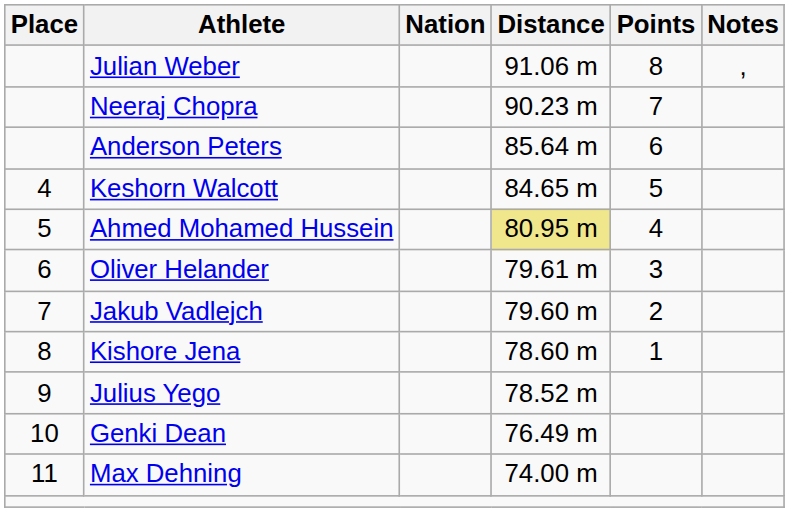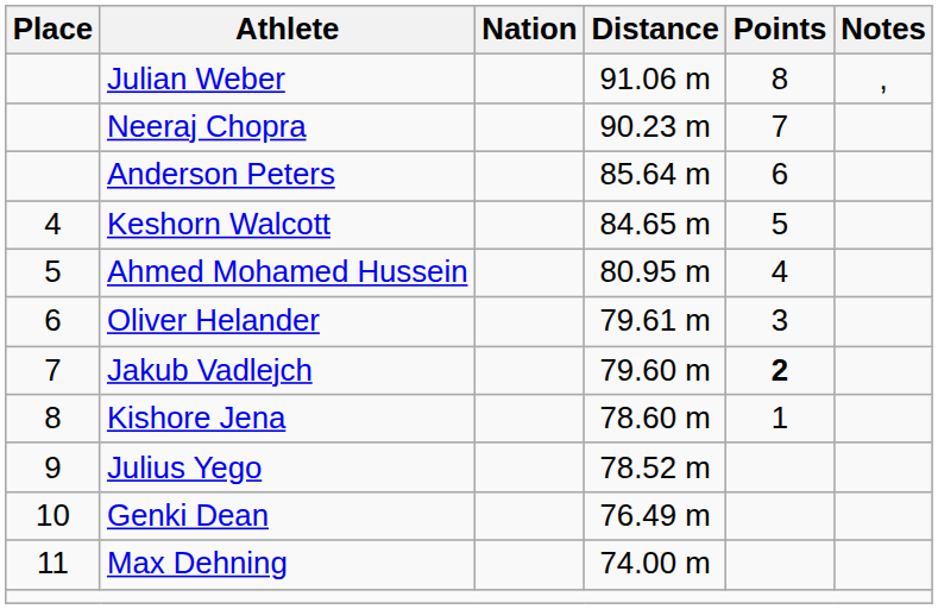 <table class="wikitable mw-datatable sortable" style="text-align:center;">
 <tr>
 <th scope="col">Place</th>
 <th scope="col">Athlete</th>
 <th scope="col">Nation</th>
 <th scope="col">Distance</th>
 <th scope="col">Points</th>
 <th scope="col">Notes</th>
 </tr>
 <tr>
 <td></td>
 <td align="left"><a href='#'>Julian Weber</a></td>
 <td align="left"></td>
 <td>91.06 m</td>
 <td>8</td>
 <td>, </td>
 </tr>
 <tr>
 <td></td>
 <td align="left"><a href='#'>Neeraj Chopra</a></td>
 <td align="left"></td>
 <td>90.23 m</td>
 <td>7</td>
 <td></td>
 </tr>
 <tr>
 <td></td>
 <td align="left"><a href='#'>Anderson Peters</a></td>
 <td align="left"></td>
 <td>85.64 m</td>
 <td>6</td>
 <td></td>
 </tr>
 <tr>
 <td>4</td>
 <td align="left"><a href='#'>Keshorn Walcott</a></td>
 <td align="left"></td>
 <td>84.65 m</td>
 <td>5</td>
 <td></td>
 </tr>
 <tr>
 <td>5</td>
 <td align="left"><a href='#'>Ahmed Mohamed Hussein</a></td>
 <td align="left"></td>
-<td style="background: khaki;">80.95 m</td>
+<td>80.95 m</td>
 <td>4</td>
 <td></td>
 </tr>
 <tr>
 <td>6</td>
 <td align="left"><a href='#'>Oliver Helander</a></td>
 <td align="left"></td>
 <td>79.61 m</td>
 <td>3</td>
 <td></td>
 </tr>
 <tr>
 <td>7</td>
 <td align="left"><a href='#'>Jakub Vadlejch</a></td>
 <td align="left"></td>
 <td>79.60 m</td>
-<td>2</td>
+<td><strong>2</strong></td>
 <td></td>
 </tr>
 <tr>
 <td>8</td>
 <td align="left"><a href='#'>Kishore Jena</a></td>
 <td align="left"></td>
 <td>78.60 m</td>
 <td>1</td>
 <td></td>
 </tr>
 <tr>
 <td>9</td>
 <td align="left"><a href='#'>Julius Yego</a></td>
 <td align="left"></td>
 <td>78.52 m</td>
 <td></td>
 <td></td>
 </tr>
 <tr>
 <td>10</td>
 <td align="left"><a href='#'>Genki Dean</a></td>
 <td align="left"></td>
 <td>76.49 m</td>
 <td></td>
 <td></td>
 </tr>
 <tr>
 <td>11</td>
 <td align="left"><a href='#'>Max Dehning</a></td>
 <td align="left"></td>
 <td>74.00 m</td>
 <td></td>
 <td></td>
 </tr>
 <tr class="sortbottom">
 <td colspan="6"></td>
 </tr>
 </table>
